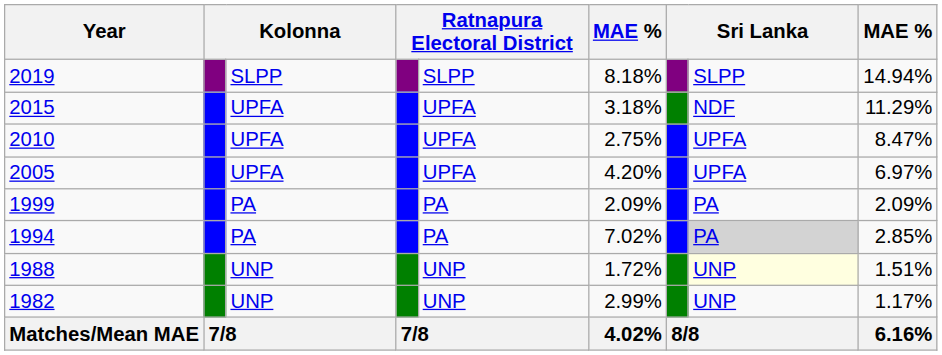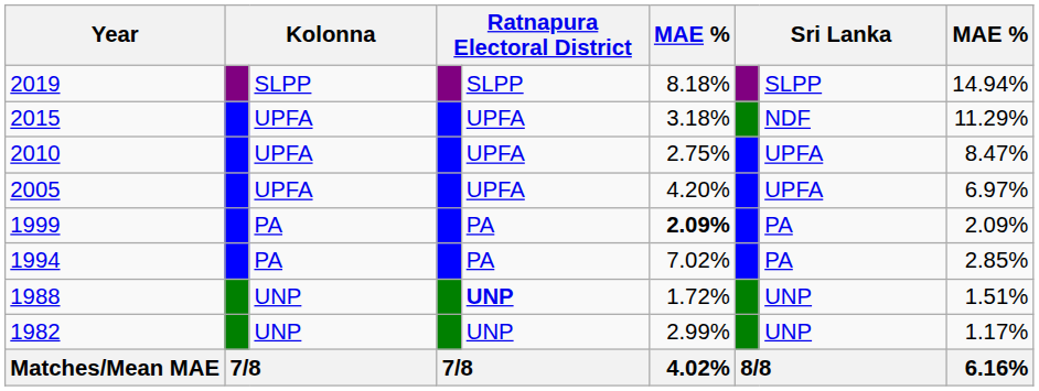 <table class="wikitable">
 <tr>
 <th>Year</th>
 <th colspan="2" width="144px">Kolonna</th>
 <th colspan="2" width="144px"><a href='#'>Ratnapura Electoral District</a></th>
 <th><a href='#'>MAE</a> %</th>
 <th colspan="2" width="144px">Sri Lanka</th>
 <th>MAE %</th>
 </tr>
 <tr>
 <td><a href='#'>2019</a></td>
 <td style="background-color:purple;" width="10px"></td>
 <td style="text-align:left;"><a href='#'>SLPP</a></td>
 <td style="background-color:purple;" width="10px"></td>
 <td style="text-align:left;"><a href='#'>SLPP</a></td>
 <td style="text-align:right;">8.18%</td>
 <td style="background-color:purple;" width="10px"></td>
 <td style="text-align:left;"><a href='#'>SLPP</a></td>
 <td style="text-align:right;">14.94%</td>
 </tr>
 <tr>
 <td><a href='#'>2015</a></td>
 <td style="background-color:blue;" width="10px"></td>
 <td style="text-align:left;"><a href='#'>UPFA</a></td>
 <td style="background-color:blue;" width="10px"></td>
 <td style="text-align:left;"><a href='#'>UPFA</a></td>
 <td style="text-align:right;">3.18%</td>
 <td style="background-color:green;" width="10px"></td>
 <td style="text-align:left;"><a href='#'>NDF</a></td>
 <td style="text-align:right;">11.29%</td>
 </tr>
 <tr>
 <td><a href='#'>2010</a></td>
 <td style="background-color:blue;" width="10px"></td>
 <td style="text-align:left;"><a href='#'>UPFA</a></td>
 <td style="background-color:blue;" width="10px"></td>
 <td style="text-align:left;"><a href='#'>UPFA</a></td>
 <td style="text-align:right;">2.75%</td>
 <td style="background-color:blue;" width="10px"></td>
 <td style="text-align:left;"><a href='#'>UPFA</a></td>
 <td style="text-align:right;">8.47%</td>
 </tr>
 <tr>
 <td><a href='#'>2005</a></td>
 <td style="background-color:blue;" width="10px"></td>
 <td style="text-align:left;"><a href='#'>UPFA</a></td>
 <td style="background-color:blue;" width="10px"></td>
 <td style="text-align:left;"><a href='#'>UPFA</a></td>
 <td style="text-align:right;">4.20%</td>
 <td style="background-color:blue;" width="10px"></td>
 <td style="text-align:left;"><a href='#'>UPFA</a></td>
 <td style="text-align:right;">6.97%</td>
 </tr>
 <tr>
 <td><a href='#'>1999</a></td>
 <td style="background-color:blue;" width="10px"></td>
 <td style="text-align:left;"><a href='#'>PA</a></td>
 <td style="background-color:blue;" width="10px"></td>
 <td style="text-align:left;"><a href='#'>PA</a></td>
-<td style="text-align:right;">2.09%</td>
+<td style="text-align:right;"><strong>2.09%</strong></td>
 <td style="background-color:blue;" width="10px"></td>
 <td style="text-align:left;"><a href='#'>PA</a></td>
 <td style="text-align:right;">2.09%</td>
 </tr>
 <tr>
 <td><a href='#'>1994</a></td>
 <td style="background-color:blue;" width="10px"></td>
 <td style="text-align:left;"><a href='#'>PA</a></td>
 <td style="background-color:blue;" width="10px"></td>
 <td style="text-align:left;"><a href='#'>PA</a></td>
 <td style="text-align:right;">7.02%</td>
 <td style="background-color:blue;" width="10px"></td>
-<td style="background: lightgrey; text-align:left;"><a href='#'>PA</a></td>
+<td style="text-align:left;"><a href='#'>PA</a></td>
 <td style="text-align:right;">2.85%</td>
 </tr>
 <tr>
 <td><a href='#'>1988</a></td>
 <td style="background-color:green;" width="10px"></td>
 <td style="text-align:left;"><a href='#'>UNP</a></td>
 <td style="background-color:green;" width="10px"></td>
-<td style="text-align:left;"><a href='#'>UNP</a></td>
+<td style="text-align:left;"><strong><a href='#'>UNP</a></strong></td>
 <td style="text-align:right;">1.72%</td>
 <td style="background-color:green;" width="10px"></td>
-<td style="background: lightyellow; text-align:left;"><a href='#'>UNP</a></td>
+<td style="text-align:left;"><a href='#'>UNP</a></td>
 <td style="text-align:right;">1.51%</td>
 </tr>
 <tr>
 <td><a href='#'>1982</a></td>
 <td style="background-color:green;" width="10px"></td>
 <td style="text-align:left;"><a href='#'>UNP</a></td>
 <td style="background-color:green;" width="10px"></td>
 <td style="text-align:left;"><a href='#'>UNP</a></td>
 <td style="text-align:right;">2.99%</td>
 <td style="background-color:green;" width="10px"></td>
 <td style="text-align:left;"><a href='#'>UNP</a></td>
 <td style="text-align:right;">1.17%</td>
 </tr>
 <tr>
 <th>Matches/Mean MAE</th>
 <th style="text-align:left;"colspan="2" width="144px">7/8</th>
 <th style="text-align:left;"colspan="2" width="144px">7/8</th>
 <th style="text-align:right;">4.02%</th>
 <th style="text-align:left;"colspan="2" width="144px">8/8</th>
 <th style="text-align:right;">6.16%</th>
 </tr>
 </table>
